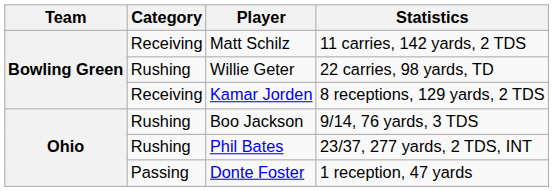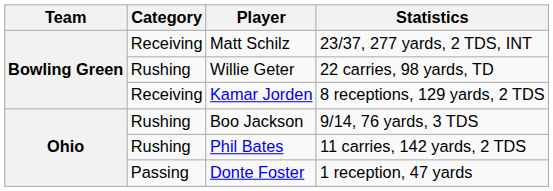 <table class="wikitable" style="float:right">
 <tr>
 <th>Team</th>
 <th>Category</th>
 <th>Player</th>
 <th>Statistics</th>
 </tr>
 <tr>
 <th rowspan=3>Bowling Green</th>
 <td>Receiving</td>
 <td>Matt Schilz</td>
-<td>11 carries, 142 yards, 2 TDS</td>
+<td>23/37, 277 yards, 2 TDS, INT</td>
 </tr>
 <tr>
 <td>Rushing</td>
 <td>Willie Geter</td>
 <td>22 carries, 98 yards, TD</td>
 </tr>
 <tr>
 <td>Receiving</td>
 <td><a href='#'>Kamar Jorden</a></td>
 <td>8 receptions, 129 yards, 2 TDS</td>
 </tr>
 <tr>
 <th rowspan=3>Ohio</th>
 <td>Rushing</td>
 <td>Boo Jackson</td>
 <td>9/14, 76 yards, 3 TDS</td>
 </tr>
 <tr>
 <td>Rushing</td>
 <td><a href='#'>Phil Bates</a></td>
-<td>23/37, 277 yards, 2 TDS, INT</td>
+<td>11 carries, 142 yards, 2 TDS</td>
 </tr>
 <tr>
 <td>Passing</td>
 <td><a href='#'>Donte Foster</a></td>
 <td>1 reception, 47 yards</td>
 </tr>
 </table>
